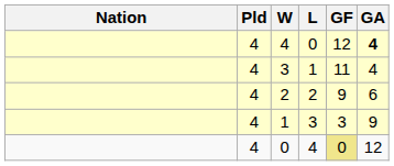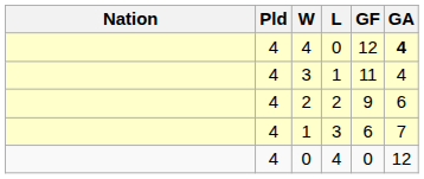 <table class=wikitable style="text-align:center">
 <tr>
 <th width=220>Nation</th>
 <th width=20>Pld</th>
 <th width=20>W</th>
 <th width=20>L</th>
 <th width=20>GF</th>
 <th width=20>GA</th>
 </tr>
 <tr bgcolor=#ffffcc>
 <td align=left></td>
 <td>4</td>
 <td>4</td>
 <td>0</td>
 <td>12</td>
 <td><strong>4</strong></td>
 </tr>
 <tr bgcolor=#ffffcc>
 <td align=left></td>
 <td>4</td>
 <td>3</td>
 <td>1</td>
 <td>11</td>
 <td>4</td>
 </tr>
 <tr bgcolor=#ffffcc>
 <td align=left></td>
 <td>4</td>
 <td>2</td>
 <td>2</td>
 <td>9</td>
 <td>6</td>
 </tr>
 <tr bgcolor=#ffffcc>
 <td align=left></td>
 <td>4</td>
 <td>1</td>
 <td>3</td>
-<td>3</td>
-<td>9</td>
+<td>6</td>
+<td>7</td>
 </tr>
 <tr>
 <td align=left></td>
 <td>4</td>
 <td>0</td>
 <td>4</td>
-<td style="background: khaki;">0</td>
+<td>0</td>
 <td>12</td>
 </tr>
 </table>
